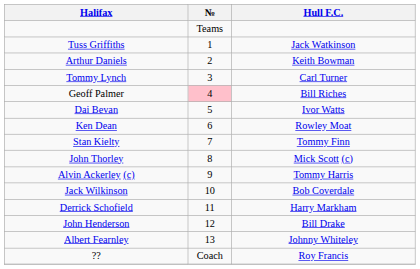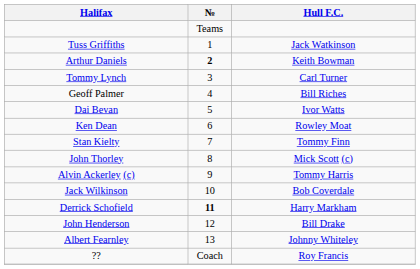 <table class="wikitable" style="text-align:center;">
 <tr>
 <th width=280 abbr=winner><a href='#'>Halifax</a></th>
 <th width=60 abbr="Number">№</th>
 <th width=280 abbr=runner-up><a href='#'>Hull F.C.</a></th>
 </tr>
 <tr>
 <td></td>
 <td>Teams</td>
 <td></td>
 </tr>
 <tr>
 <td><a href='#'>Tuss Griffiths</a></td>
 <td>1</td>
 <td><a href='#'>Jack Watkinson</a></td>
 </tr>
 <tr>
 <td><a href='#'>Arthur Daniels</a></td>
-<td>2</td>
+<td><strong>2</strong></td>
 <td><a href='#'>Keith Bowman</a></td>
 </tr>
 <tr>
 <td><a href='#'>Tommy Lynch</a></td>
 <td>3</td>
 <td><a href='#'>Carl Turner</a></td>
 </tr>
 <tr>
 <td>Geoff Palmer</td>
-<td style="background: pink;">4</td>
+<td>4</td>
 <td><a href='#'>Bill Riches</a></td>
 </tr>
 <tr>
 <td><a href='#'>Dai Bevan</a></td>
 <td>5</td>
 <td><a href='#'>Ivor Watts</a></td>
 </tr>
 <tr>
 <td><a href='#'>Ken Dean</a></td>
 <td>6</td>
 <td><a href='#'>Rowley Moat</a></td>
 </tr>
 <tr>
 <td><a href='#'>Stan Kielty</a></td>
 <td>7</td>
 <td><a href='#'>Tommy Finn</a></td>
 </tr>
 <tr>
 <td><a href='#'>John Thorley</a></td>
 <td>8</td>
 <td><a href='#'>Mick Scott</a> <a href='#'>(c)</a></td>
 </tr>
 <tr>
 <td><a href='#'>Alvin Ackerley</a> <a href='#'>(c)</a></td>
 <td>9</td>
 <td><a href='#'>Tommy Harris</a></td>
 </tr>
 <tr>
 <td><a href='#'>Jack Wilkinson</a></td>
 <td>10</td>
 <td><a href='#'>Bob Coverdale</a></td>
 </tr>
 <tr>
 <td><a href='#'>Derrick Schofield</a></td>
-<td>11</td>
+<td><strong>11</strong></td>
 <td><a href='#'>Harry Markham</a></td>
 </tr>
 <tr>
 <td><a href='#'>John Henderson</a></td>
 <td>12</td>
 <td><a href='#'>Bill Drake</a></td>
 </tr>
 <tr>
 <td><a href='#'>Albert Fearnley</a></td>
 <td>13</td>
 <td><a href='#'>Johnny Whiteley</a></td>
 </tr>
 <tr>
 <td>??</td>
 <td>Coach</td>
 <td><a href='#'>Roy Francis</a></td>
 </tr>
 <tr>
 </tr>
 </table>
